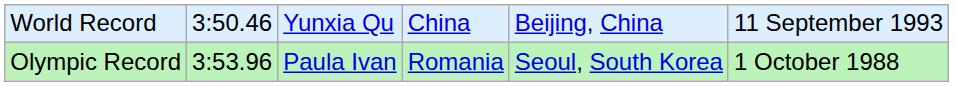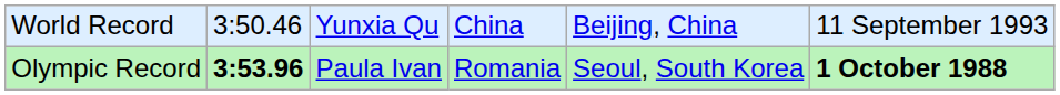 <table class="wikitable">
 <tr bgcolor = "ddeeff">
 <td>World Record</td>
 <td>3:50.46</td>
 <td><a href='#'>Yunxia Qu</a></td>
 <td><a href='#'>China</a></td>
 <td><a href='#'>Beijing</a>, <a href='#'>China</a></td>
 <td>11 September 1993</td>
 </tr>
 <tr bgcolor = "bbf3bb">
 <td>Olympic Record</td>
-<td>3:53.96</td>
+<td><strong>3:53.96</strong></td>
 <td><a href='#'>Paula Ivan</a></td>
 <td><a href='#'>Romania</a></td>
 <td><a href='#'>Seoul</a>, <a href='#'>South Korea</a></td>
-<td>1 October 1988</td>
+<td><strong>1 October 1988</strong></td>
 </tr>
 </table>
